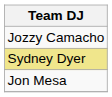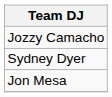 <table class="wikitable" style="display: inline-table;">
 <tr>
 <th>Team DJ</th>
 </tr>
 <tr>
 <td>Jozzy Camacho</td>
 </tr>
 <tr>
-<td style="background: khaki;">Sydney Dyer</td>
+<td>Sydney Dyer</td>
 </tr>
 <tr>
 <td>Jon Mesa</td>
 </tr>
 <tr>
 </tr>
 </table>
